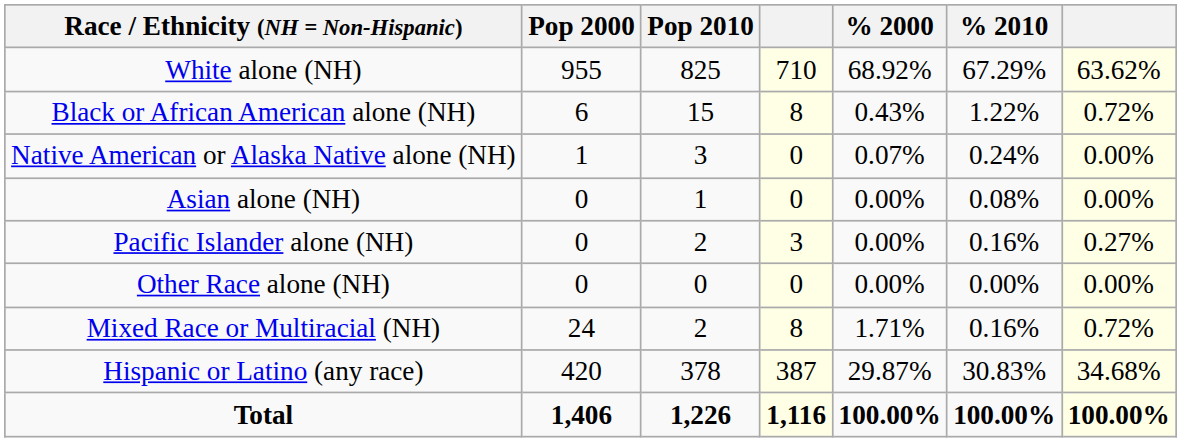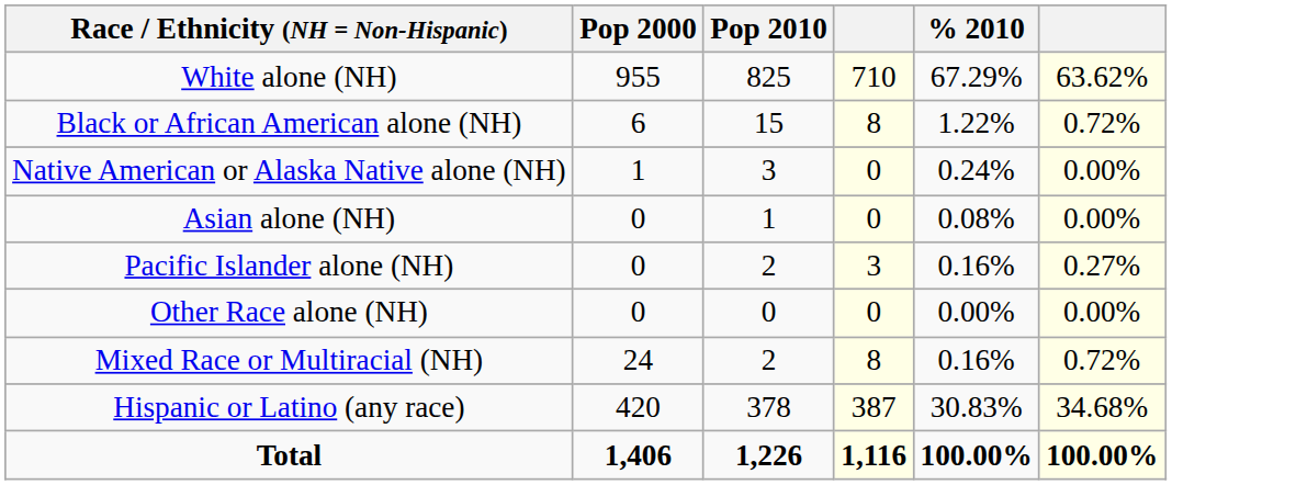 <table class="wikitable" style="text-align:center;">
 <tr>
 <th>Race / Ethnicity <small>(<em>NH = Non-Hispanic</em>)</small></th>
 <th>Pop 2000</th>
 <th>Pop 2010</th>
 <th></th>
-<th>% 2000</th>
 <th>% 2010</th>
 <th></th>
 </tr>
 <tr>
 <td><a href='#'>White</a> alone (NH)</td>
 <td>955</td>
 <td>825</td>
 <td style='background: #ffffe6;'>710</td>
-<td>68.92%</td>
 <td>67.29%</td>
 <td style='background: #ffffe6;'>63.62%</td>
 </tr>
 <tr>
 <td><a href='#'>Black or African American</a> alone (NH)</td>
 <td>6</td>
 <td>15</td>
 <td style='background: #ffffe6;'>8</td>
-<td>0.43%</td>
 <td>1.22%</td>
 <td style='background: #ffffe6;'>0.72%</td>
 </tr>
 <tr>
 <td><a href='#'>Native American</a> or <a href='#'>Alaska Native</a> alone (NH)</td>
 <td>1</td>
 <td>3</td>
 <td style='background: #ffffe6;'>0</td>
-<td>0.07%</td>
 <td>0.24%</td>
 <td style='background: #ffffe6;'>0.00%</td>
 </tr>
 <tr>
 <td><a href='#'>Asian</a> alone (NH)</td>
 <td>0</td>
 <td>1</td>
 <td style='background: #ffffe6;'>0</td>
-<td>0.00%</td>
 <td>0.08%</td>
 <td style='background: #ffffe6;'>0.00%</td>
 </tr>
 <tr>
 <td><a href='#'>Pacific Islander</a> alone (NH)</td>
 <td>0</td>
 <td>2</td>
 <td style='background: #ffffe6;'>3</td>
-<td>0.00%</td>
 <td>0.16%</td>
 <td style='background: #ffffe6;'>0.27%</td>
 </tr>
 <tr>
 <td><a href='#'>Other Race</a> alone (NH)</td>
 <td>0</td>
 <td>0</td>
 <td style='background: #ffffe6;'>0</td>
 <td>0.00%</td>
-<td>0.00%</td>
 <td style='background: #ffffe6;'>0.00%</td>
 </tr>
 <tr>
 <td><a href='#'>Mixed Race or Multiracial</a> (NH)</td>
 <td>24</td>
 <td>2</td>
 <td style='background: #ffffe6;'>8</td>
-<td>1.71%</td>
 <td>0.16%</td>
 <td style='background: #ffffe6;'>0.72%</td>
 </tr>
 <tr>
 <td><a href='#'>Hispanic or Latino</a> (any race)</td>
 <td>420</td>
 <td>378</td>
 <td style='background: #ffffe6;'>387</td>
-<td>29.87%</td>
 <td>30.83%</td>
 <td style='background: #ffffe6;'>34.68%</td>
 </tr>
 <tr>
 <td><strong>Total</strong></td>
 <td><strong>1,406</strong></td>
 <td><strong>1,226</strong></td>
 <td style='background: #ffffe6;'><strong>1,116</strong></td>
 <td><strong>100.00%</strong></td>
-<td><strong>100.00%</strong></td>
 <td style='background: #ffffe6;'><strong>100.00%</strong></td>
 </tr>
 </table>
